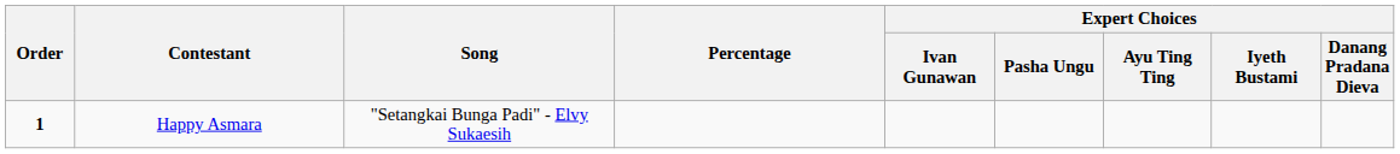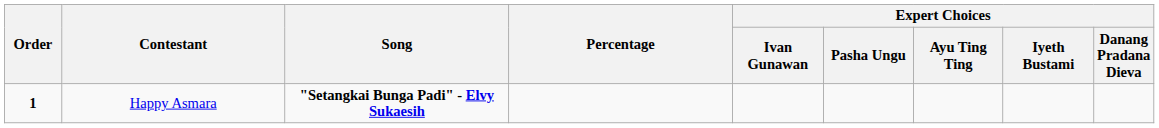 <table class="wikitable" style="text-align:center; width:100%;">
 <tr>
 <th scope="col" rowspan="2" style="width:05%;">Order</th>
 <th scope="col" rowspan="2" style="width:20%;">Contestant</th>
 <th scope="col" rowspan="2" style="width:20%;">Song</th>
 <th scope="col" rowspan="2" style="width:20%;">Percentage</th>
 <th scope="col" colspan="5" style="width:32%;">Expert Choices</th>
 </tr>
 <tr>
 <th style="width:08%;">Ivan Gunawan</th>
 <th style="width:08%;">Pasha Ungu</th>
 <th style="width:08%;">Ayu Ting Ting</th>
 <th style="width:08%;">Iyeth Bustami</th>
 <th style="width:08%;">Danang Pradana Dieva</th>
 </tr>
 <tr>
 <td><strong>1</strong></td>
 <td><a href='#'>Happy Asmara</a></td>
-<td>"Setangkai Bunga Padi" - <a href='#'>Elvy Sukaesih</a></td>
+<td><strong>"Setangkai Bunga Padi" - <a href='#'>Elvy Sukaesih</a></strong></td>
 <td></td>
 <td></td>
 <td></td>
 <td></td>
 <td></td>
 <td></td>
 </tr>
 </table>
